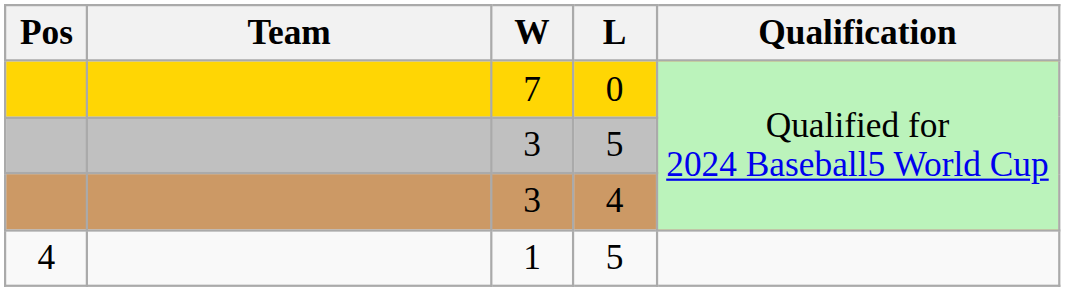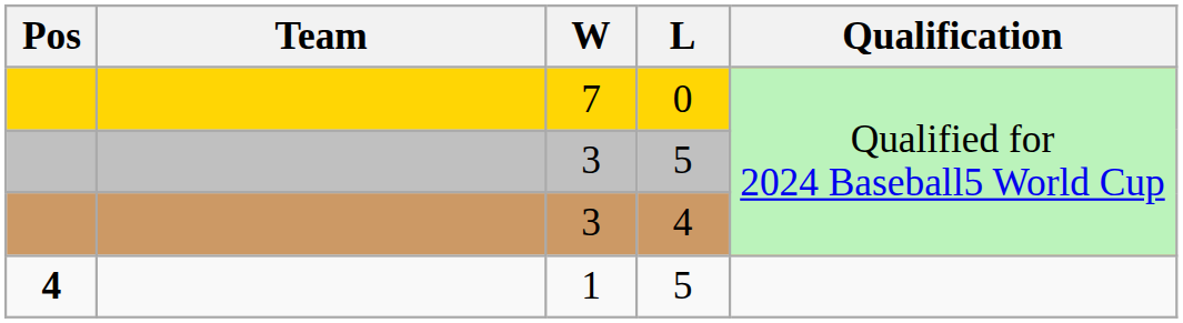 <table class="wikitable gauche" style="text-align:center">
 <tr bgcolor="e5e5e5">
 <th width="30">Pos</th>
 <th width="175">Team</th>
 <th width="30">W</th>
 <th width="30">L</th>
 <th width="175">Qualification</th>
 </tr>
 <tr bgcolor=#FFD604>
 <td></td>
 <td align=left></td>
 <td>7</td>
 <td>0</td>
 <td bgcolor=#BBF3BB rowspan=3>Qualified for <br><a href='#'>2024 Baseball5 World Cup</a></td>
 </tr>
 <tr bgcolor=#C0C0C0>
 <td></td>
 <td align=left></td>
 <td>3</td>
 <td>5</td>
 </tr>
 <tr bgcolor=#CC9965>
 <td></td>
 <td align=left></td>
 <td>3</td>
 <td>4</td>
 </tr>
 <tr>
-<td>4</td>
+<td><strong>4</strong></td>
 <td align=left></td>
 <td>1</td>
 <td>5</td>
 </tr>
 </table>
